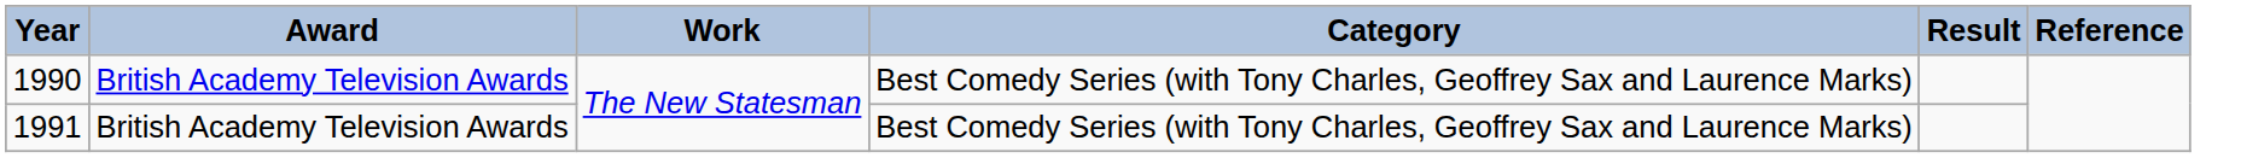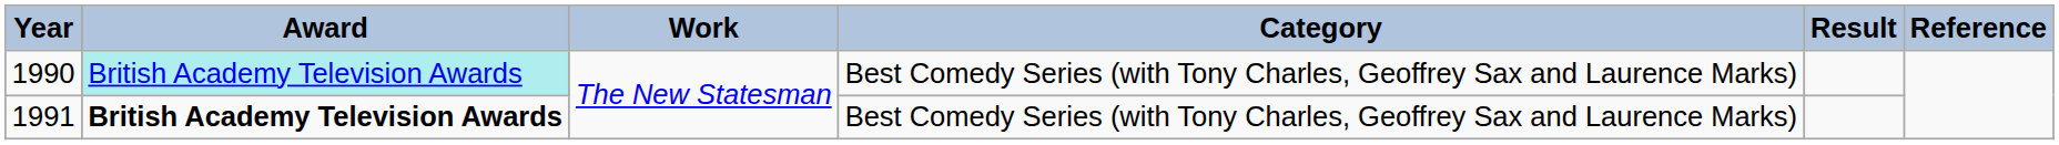 <table class="wikitable" style="font-size:90%">
 <tr style="text-align:center;">
 <th style="background:#B0C4DE;">Year</th>
 <th style="background:#B0C4DE;">Award</th>
 <th style="background:#B0C4DE;">Work</th>
 <th style="background:#B0C4DE;">Category</th>
 <th style="background:#B0C4DE;">Result</th>
 <th style="background:#B0C4DE;">Reference</th>
 </tr>
 <tr>
 <td>1990</td>
-<td><a href='#'>British Academy Television Awards</a></td>
+<td style="background: paleturquoise;"><a href='#'>British Academy Television Awards</a></td>
 <td rowspan="2"><em><a href='#'>The New Statesman</a></em></td>
 <td>Best Comedy Series (with Tony Charles, Geoffrey Sax and Laurence Marks)</td>
 <td></td>
 </tr>
 <tr>
 <td>1991</td>
-<td>British Academy Television Awards</td>
+<td><strong>British Academy Television Awards</strong></td>
 <td>Best Comedy Series (with Tony Charles, Geoffrey Sax and Laurence Marks)</td>
 <td></td>
 </tr>
 </table>
